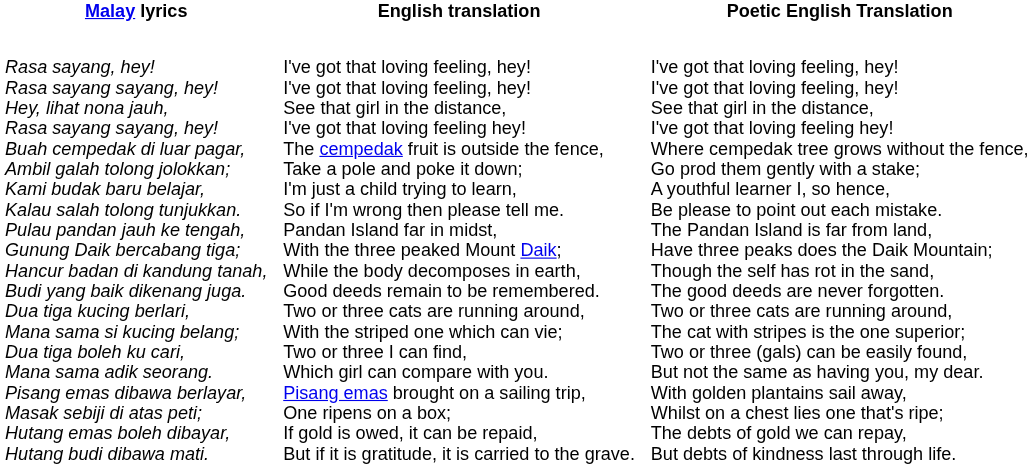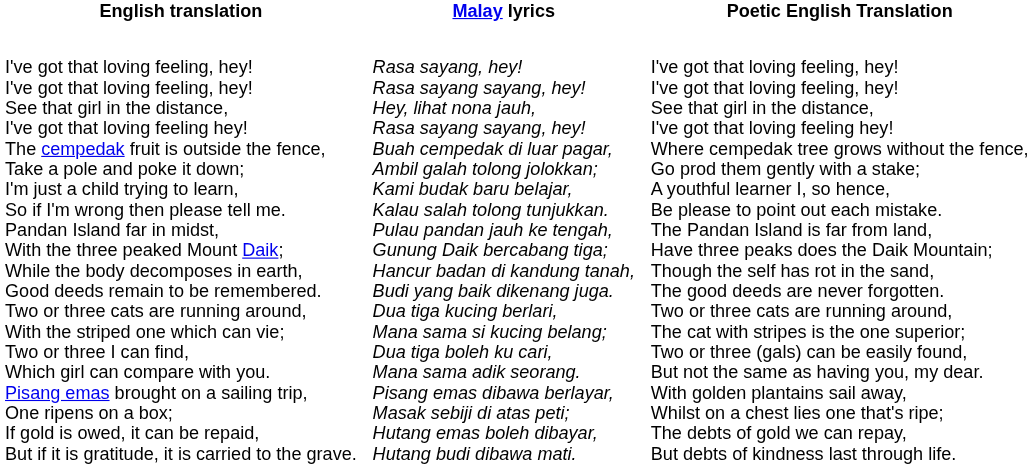 <table cellpadding=6>
 <tr>
+<th>English translation</th>
 <th><a href='#'>Malay</a> lyrics</th>
-<th>English translation</th>
 <th>Poetic English Translation</th>
 </tr>
 <tr style="vertical-align:top; white-space:nowrap;">
+<td><br>I've got that loving feeling, hey!<br> I've got that loving feeling, hey!<br> See that girl in the distance,<br> I've got that loving feeling hey!<br>The <a href='#'>cempedak</a> fruit is outside the fence,<br> Take a pole and poke it down;<br> I'm just a child trying to learn,<br> So if I'm wrong then please tell me.<br>Pandan Island far in midst,<br> With the three peaked Mount <a href='#'>Daik</a>;<br> While the body decomposes in earth,<br> Good deeds remain to be remembered.<br>Two or three cats are running around,<br> With the striped one which can vie;<br> Two or three I can find,<br> Which girl can compare with you.<br><a href='#'>Pisang emas</a> brought on a sailing trip,<br> One ripens on a box;<br> If gold is owed, it can be repaid,<br> But if it is gratitude, it is carried to the grave.</td>
 <td><br><em>Rasa sayang, hey!</em><br> <em>Rasa sayang sayang, hey!</em><br> <em>Hey, lihat nona jauh,</em><br> <em>Rasa sayang sayang, hey!</em><br><em>Buah cempedak di luar pagar,</em><br> <em>Ambil galah tolong jolokkan;</em><br> <em>Kami budak baru belajar,</em><br> <em>Kalau salah tolong tunjukkan.</em><br><em>Pulau pandan jauh ke tengah,</em><br> <em>Gunung Daik bercabang tiga;</em><br> <em>Hancur badan di kandung tanah,</em><br> <em>Budi yang baik dikenang juga.</em><br><em>Dua tiga kucing berlari,</em><br> <em>Mana sama si kucing belang;</em><br> <em>Dua tiga boleh ku cari,</em><br> <em>Mana sama adik seorang.</em><br><em>Pisang emas dibawa berlayar,</em><br> <em>Masak sebiji di atas peti;</em><br> <em>Hutang emas boleh dibayar,</em><br> <em>Hutang budi dibawa mati.</em></td>
-<td><br>I've got that loving feeling, hey!<br> I've got that loving feeling, hey!<br> See that girl in the distance,<br> I've got that loving feeling hey!<br>The <a href='#'>cempedak</a> fruit is outside the fence,<br> Take a pole and poke it down;<br> I'm just a child trying to learn,<br> So if I'm wrong then please tell me.<br>Pandan Island far in midst,<br> With the three peaked Mount <a href='#'>Daik</a>;<br> While the body decomposes in earth,<br> Good deeds remain to be remembered.<br>Two or three cats are running around,<br> With the striped one which can vie;<br> Two or three I can find,<br> Which girl can compare with you.<br><a href='#'>Pisang emas</a> brought on a sailing trip,<br> One ripens on a box;<br> If gold is owed, it can be repaid,<br> But if it is gratitude, it is carried to the grave.</td>
 <td><br>I've got that loving feeling, hey!<br> I've got that loving feeling, hey!<br> See that girl in the distance,<br> I've got that loving feeling hey!<br>Where cempedak tree grows without the fence,<br> Go prod them gently with a stake;<br> A youthful learner I, so hence,<br> Be please to point out each mistake.<br>The Pandan Island is far from land,<br> Have three peaks does the Daik Mountain;<br> Though the self has rot in the sand,<br> The good deeds are never forgotten.<br>Two or three cats are running around,<br> The cat with stripes is the one superior;<br> Two or three (gals) can be easily found,<br> But not the same as having you, my dear.<br>With golden plantains sail away,<br> Whilst on a chest lies one that's ripe;<br> The debts of gold we can repay,<br> But debts of kindness last through life.<br></td>
 </tr>
 </table>
